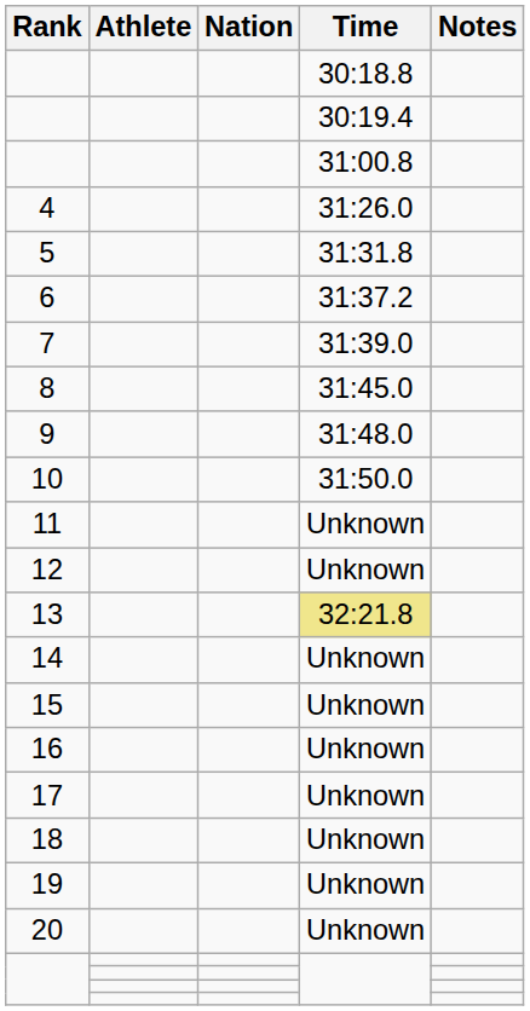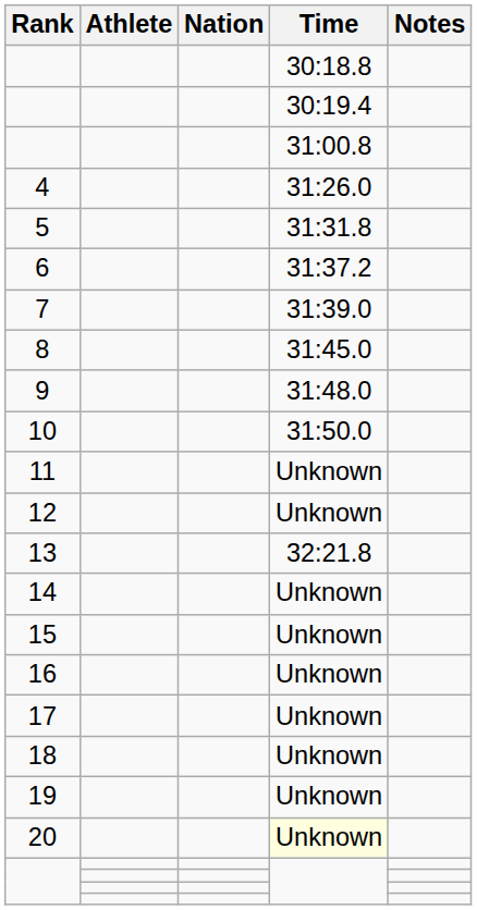 <table class="wikitable sortable" style="text-align:center">
 <tr>
 <th>Rank</th>
 <th>Athlete</th>
 <th>Nation</th>
 <th>Time</th>
 <th>Notes</th>
 </tr>
 <tr>
 <td></td>
 <td align=left></td>
 <td align=left></td>
 <td>30:18.8</td>
 <td></td>
 </tr>
 <tr>
 <td></td>
 <td align=left></td>
 <td align=left></td>
 <td>30:19.4</td>
 <td></td>
 </tr>
 <tr>
 <td></td>
 <td align=left></td>
 <td align=left></td>
 <td>31:00.8</td>
 <td></td>
 </tr>
 <tr>
 <td>4</td>
 <td align=left></td>
 <td align=left></td>
 <td>31:26.0</td>
 <td></td>
 </tr>
 <tr>
 <td>5</td>
 <td align=left></td>
 <td align=left></td>
 <td>31:31.8</td>
 <td></td>
 </tr>
 <tr>
 <td>6</td>
 <td align=left></td>
 <td align=left></td>
 <td>31:37.2</td>
 <td></td>
 </tr>
 <tr>
 <td>7</td>
 <td align=left></td>
 <td align=left></td>
 <td>31:39.0</td>
 <td></td>
 </tr>
 <tr>
 <td>8</td>
 <td align=left></td>
 <td align=left></td>
 <td>31:45.0</td>
 <td></td>
 </tr>
 <tr>
 <td>9</td>
 <td align=left></td>
 <td align=left></td>
 <td>31:48.0</td>
 <td></td>
 </tr>
 <tr>
 <td>10</td>
 <td align=left></td>
 <td align=left></td>
 <td>31:50.0</td>
 <td></td>
 </tr>
 <tr>
 <td>11</td>
 <td align=left></td>
 <td align=left></td>
 <td>Unknown</td>
 <td></td>
 </tr>
 <tr>
 <td>12</td>
 <td align=left></td>
 <td align=left></td>
 <td>Unknown</td>
 <td></td>
 </tr>
 <tr>
 <td>13</td>
 <td align=left></td>
 <td align=left></td>
-<td style="background: khaki;">32:21.8</td>
+<td>32:21.8</td>
 <td></td>
 </tr>
 <tr>
 <td>14</td>
 <td align=left></td>
 <td align=left></td>
 <td>Unknown</td>
 <td></td>
 </tr>
 <tr>
 <td>15</td>
 <td align=left></td>
 <td align=left></td>
 <td>Unknown</td>
 <td></td>
 </tr>
 <tr>
 <td>16</td>
 <td align=left></td>
 <td align=left></td>
 <td>Unknown</td>
 <td></td>
 </tr>
 <tr>
 <td>17</td>
 <td align=left></td>
 <td align=left></td>
 <td>Unknown</td>
 <td></td>
 </tr>
 <tr>
 <td>18</td>
 <td align=left></td>
 <td align=left></td>
 <td>Unknown</td>
 <td></td>
 </tr>
 <tr>
 <td>19</td>
 <td align=left></td>
 <td align=left></td>
 <td>Unknown</td>
 <td></td>
 </tr>
 <tr>
 <td>20</td>
 <td align=left></td>
 <td align=left></td>
-<td>Unknown</td>
+<td style="background: lightyellow;">Unknown</td>
 <td></td>
 </tr>
 <tr>
 <td rowspan=4></td>
 <td align=left></td>
 <td align=left></td>
 <td rowspan=4></td>
 <td></td>
 </tr>
 <tr>
 <td align=left></td>
 <td align=left></td>
 <td></td>
 </tr>
 <tr>
 <td align=left></td>
 <td align=left></td>
 <td></td>
 </tr>
 <tr>
 <td align=left></td>
 <td align=left></td>
 <td></td>
 </tr>
 </table>
